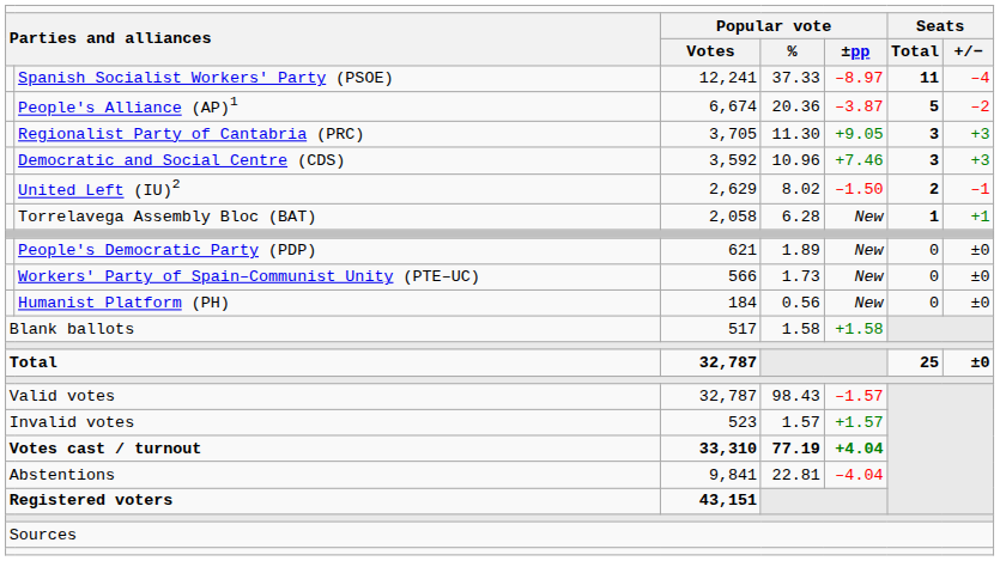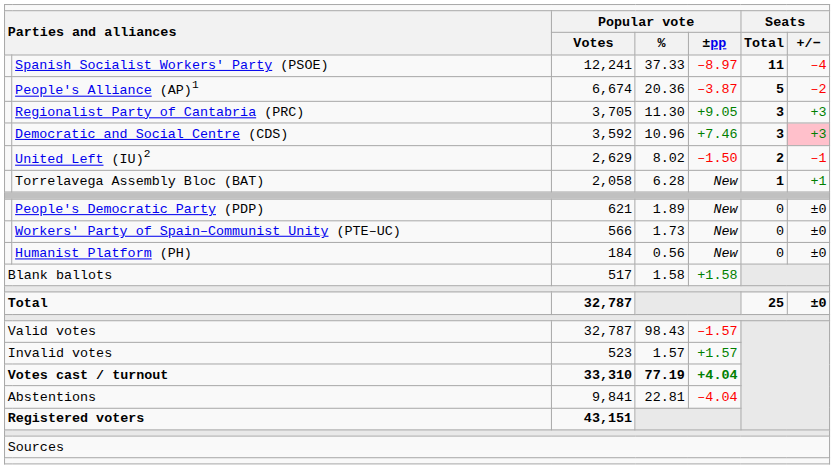 <table class="wikitable" style="text-align:right;">
 <tr>
 <td colspan="7"></td>
 </tr>
 <tr>
 <th style="text-align:left;" rowspan="2" colspan="2" width="525">Parties and alliances</th>
 <th colspan="3">Popular vote</th>
 <th colspan="2">Seats</th>
 </tr>
 <tr>
 <th width="75">Votes</th>
 <th width="45">%</th>
 <th width="45">±<a href='#'>pp</a></th>
 <th width="35">Total</th>
 <th width="35">+/−</th>
 </tr>
 <tr>
 <td width="1" style="color:inherit;background:"></td>
 <td align="left"><a href='#'>Spanish Socialist Workers' Party</a> (PSOE)</td>
 <td>12,241</td>
 <td>37.33</td>
 <td style="color:red;">–8.97</td>
 <td><strong>11</strong></td>
 <td style="color:red;">–4</td>
 </tr>
 <tr>
 <td style="color:inherit;background:"></td>
 <td align="left"><a href='#'>People's Alliance</a> (AP)<sup>1</sup></td>
 <td>6,674</td>
 <td>20.36</td>
 <td style="color:red;">–3.87</td>
 <td><strong>5</strong></td>
 <td style="color:red;">–2</td>
 </tr>
 <tr>
 <td style="color:inherit;background:"></td>
 <td align="left"><a href='#'>Regionalist Party of Cantabria</a> (PRC)</td>
 <td>3,705</td>
 <td>11.30</td>
 <td style="color:green;">+9.05</td>
 <td><strong>3</strong></td>
 <td style="color:green;">+3</td>
 </tr>
 <tr>
 <td style="color:inherit;background:"></td>
 <td align="left"><a href='#'>Democratic and Social Centre</a> (CDS)</td>
 <td>3,592</td>
 <td>10.96</td>
 <td style="color:green;">+7.46</td>
 <td><strong>3</strong></td>
-<td style="color:green;">+3</td>
+<td style="background: pink; color:green;">+3</td>
 </tr>
 <tr>
 <td style="color:inherit;background:"></td>
 <td align="left"><a href='#'>United Left</a> (IU)<sup>2</sup></td>
 <td>2,629</td>
 <td>8.02</td>
 <td style="color:red;">–1.50</td>
 <td><strong>2</strong></td>
 <td style="color:red;">–1</td>
 </tr>
 <tr>
 <td style="color:inherit;background:"></td>
 <td align="left">Torrelavega Assembly Bloc (BAT)</td>
 <td>2,058</td>
 <td>6.28</td>
 <td><em>New</em></td>
 <td><strong>1</strong></td>
 <td style="color:green;">+1</td>
 </tr>
 <tr>
 <td colspan="7" bgcolor="#C0C0C0"></td>
 </tr>
 <tr>
 <td style="color:inherit;background:"></td>
 <td align="left"><a href='#'>People's Democratic Party</a> (PDP)</td>
 <td>621</td>
 <td>1.89</td>
 <td><em>New</em></td>
 <td>0</td>
 <td>±0</td>
 </tr>
 <tr>
 <td style="color:inherit;background:"></td>
 <td align="left"><a href='#'>Workers' Party of Spain–Communist Unity</a> (PTE–UC)</td>
 <td>566</td>
 <td>1.73</td>
 <td><em>New</em></td>
 <td>0</td>
 <td>±0</td>
 </tr>
 <tr>
 <td style="color:inherit;background:"></td>
 <td align="left"><a href='#'>Humanist Platform</a> (PH)</td>
 <td>184</td>
 <td>0.56</td>
 <td><em>New</em></td>
 <td>0</td>
 <td>±0</td>
 </tr>
 <tr>
 <td align="left" colspan="2">Blank ballots</td>
 <td>517</td>
 <td>1.58</td>
 <td style="color:green;">+1.58</td>
 <td bgcolor="#E9E9E9" colspan="2"></td>
 </tr>
 <tr>
 <td colspan="7" bgcolor="#E9E9E9"></td>
 </tr>
 <tr style="font-weight:bold;">
 <td align="left" colspan="2">Total</td>
 <td>32,787</td>
 <td bgcolor="#E9E9E9" colspan="2"></td>
 <td>25</td>
 <td>±0</td>
 </tr>
 <tr>
 <td colspan="7" bgcolor="#E9E9E9"></td>
 </tr>
 <tr>
 <td align="left" colspan="2">Valid votes</td>
 <td>32,787</td>
 <td>98.43</td>
 <td style="color:red;">–1.57</td>
 <td bgcolor="#E9E9E9" colspan="2" rowspan="5"></td>
 </tr>
 <tr>
 <td align="left" colspan="2">Invalid votes</td>
 <td>523</td>
 <td>1.57</td>
 <td style="color:green;">+1.57</td>
 </tr>
 <tr style="font-weight:bold;">
 <td align="left" colspan="2">Votes cast / turnout</td>
 <td>33,310</td>
 <td>77.19</td>
 <td style="color:green;">+4.04</td>
 </tr>
 <tr>
 <td align="left" colspan="2">Abstentions</td>
 <td>9,841</td>
 <td>22.81</td>
 <td style="color:red;">–4.04</td>
 </tr>
 <tr style="font-weight:bold;">
 <td align="left" colspan="2">Registered voters</td>
 <td>43,151</td>
 <td bgcolor="#E9E9E9" colspan="2"></td>
 </tr>
 <tr>
 <td colspan="7" bgcolor="#E9E9E9"></td>
 </tr>
 <tr>
 <td align="left" colspan="7">Sources</td>
 </tr>
 <tr>
 <td colspan="7" style="text-align:left; max-width:790px;"></td>
 </tr>
 </table>
